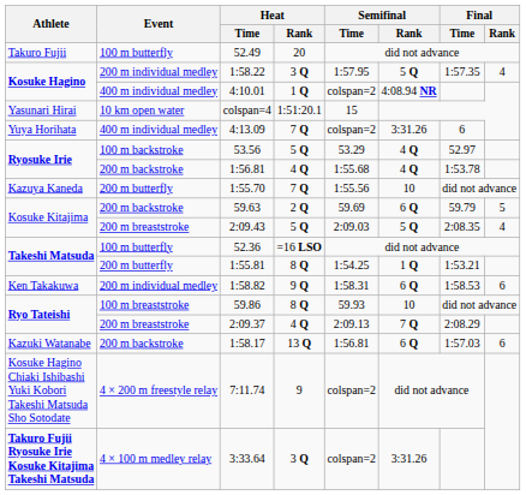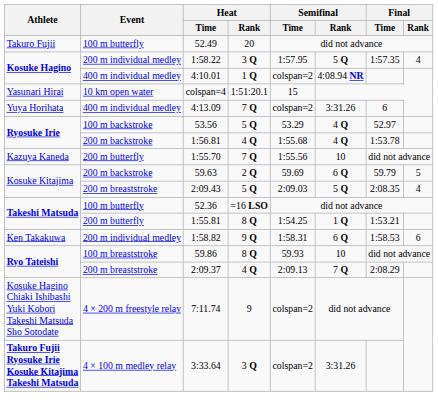 <table class=wikitable style="font-size:90%">
 <tr>
 <th rowspan="2">Athlete</th>
 <th rowspan="2">Event</th>
 <th colspan="2">Heat</th>
 <th colspan="2">Semifinal</th>
 <th colspan="2">Final</th>
 </tr>
 <tr style="font-size:95%">
 <th>Time</th>
 <th>Rank</th>
 <th>Time</th>
 <th>Rank</th>
 <th>Time</th>
 <th>Rank</th>
 </tr>
 <tr align=center>
 <td align=left><a href='#'>Takuro Fujii</a></td>
 <td align=left><a href='#'>100 m butterfly</a></td>
 <td>52.49</td>
 <td>20</td>
 <td colspan=4>did not advance</td>
 </tr>
 <tr align=center>
 <td align=left rowspan=2><strong><a href='#'>Kosuke Hagino</a></strong></td>
 <td align=left><a href='#'>200 m individual medley</a></td>
 <td>1:58.22</td>
 <td>3 <strong>Q</strong></td>
 <td>1:57.95</td>
 <td>5 <strong>Q</strong></td>
 <td>1:57.35</td>
 <td>4</td>
 </tr>
 <tr align=center>
 <td align=left><a href='#'>400 m individual medley</a></td>
 <td>4:10.01</td>
 <td>1 <strong>Q</strong></td>
 <td>colspan=2 </td>
 <td>4:08.94 <strong><a href='#'>NR</a></strong></td>
 <td></td>
 </tr>
 <tr align=center>
 <td align=left><a href='#'>Yasunari Hirai</a></td>
 <td align=left><a href='#'>10 km open water</a></td>
 <td>colspan=4 </td>
 <td>1:51:20.1</td>
 <td>15</td>
 </tr>
 <tr align=center>
 <td align=left><a href='#'>Yuya Horihata</a></td>
 <td align=left><a href='#'>400 m individual medley</a></td>
 <td>4:13.09</td>
 <td>7 <strong>Q</strong></td>
 <td>colspan=2 </td>
 <td>3:31.26</td>
 <td>6</td>
 </tr>
 <tr align=center>
 <td align=left rowspan=2><strong><a href='#'>Ryosuke Irie</a></strong></td>
 <td align=left><a href='#'>100 m backstroke</a></td>
 <td>53.56</td>
 <td>5 <strong>Q</strong></td>
 <td>53.29</td>
 <td>4 <strong>Q</strong></td>
 <td>52.97</td>
 <td></td>
 </tr>
 <tr align=center>
 <td align=left><a href='#'>200 m backstroke</a></td>
 <td>1:56.81</td>
 <td>4 <strong>Q</strong></td>
 <td>1:55.68</td>
 <td>4 <strong>Q</strong></td>
 <td>1:53.78</td>
 <td></td>
 </tr>
 <tr align=center>
 <td align=left><a href='#'>Kazuya Kaneda</a></td>
 <td align=left><a href='#'>200 m butterfly</a></td>
 <td>1:55.70</td>
 <td>7 <strong>Q</strong></td>
 <td>1:55.56</td>
 <td>10</td>
 <td colspan=2>did not advance</td>
 </tr>
 <tr align=center>
 <td align=left rowspan=2><a href='#'>Kosuke Kitajima</a></td>
 <td align=left><a href='#'>200 m backstroke</a></td>
 <td>59.63</td>
 <td>2 <strong>Q</strong></td>
 <td>59.69</td>
 <td>6 <strong>Q</strong></td>
 <td>59.79</td>
 <td>5</td>
 </tr>
 <tr align=center>
 <td align=left><a href='#'>200 m breaststroke</a></td>
 <td>2:09.43</td>
 <td>5 <strong>Q</strong></td>
 <td>2:09.03</td>
 <td>5 <strong>Q</strong></td>
 <td>2:08.35</td>
 <td>4</td>
 </tr>
 <tr align=center>
 <td align=left rowspan=2><strong><a href='#'>Takeshi Matsuda</a></strong></td>
 <td align=left><a href='#'>100 m butterfly</a></td>
 <td>52.36</td>
 <td>=16 <strong>LSO</strong></td>
 <td colspan=4>did not advance</td>
 </tr>
 <tr align=center>
 <td align=left><a href='#'>200 m butterfly</a></td>
 <td>1:55.81</td>
 <td>8 <strong>Q</strong></td>
 <td>1:54.25</td>
 <td>1 <strong>Q</strong></td>
 <td>1:53.21</td>
 <td></td>
 </tr>
 <tr align=center>
 <td align=left><a href='#'>Ken Takakuwa</a></td>
 <td align=left><a href='#'>200 m individual medley</a></td>
 <td>1:58.82</td>
 <td>9 <strong>Q</strong></td>
 <td>1:58.31</td>
 <td>6 <strong>Q</strong></td>
 <td>1:58.53</td>
 <td>6</td>
 </tr>
 <tr align=center>
 <td align=left rowspan=2><strong><a href='#'>Ryo Tateishi</a></strong></td>
 <td align=left><a href='#'>100 m breaststroke</a></td>
 <td>59.86</td>
 <td>8 <strong>Q</strong></td>
 <td>59.93</td>
 <td>10</td>
 <td colspan=2>did not advance</td>
 </tr>
 <tr align=center>
 <td align=left><a href='#'>200 m breaststroke</a></td>
 <td>2:09.37</td>
 <td>4 <strong>Q</strong></td>
 <td>2:09.13</td>
 <td>7 <strong>Q</strong></td>
 <td>2:08.29</td>
 <td></td>
 </tr>
 <tr align=center>
-<td align=left><a href='#'>Kazuki Watanabe</a></td>
-<td align=left><a href='#'>200 m backstroke</a></td>
-<td>1:58.17</td>
-<td>13 <strong>Q</strong></td>
-<td>1:56.81</td>
-<td>6 <strong>Q</strong></td>
-<td>1:57.03</td>
-<td>6</td>
-</tr>
-<tr align=center>
 <td align=left><a href='#'>Kosuke Hagino</a><br><a href='#'>Chiaki Ishibashi</a><br><a href='#'>Yuki Kobori</a><br><a href='#'>Takeshi Matsuda</a><br><a href='#'>Sho Sotodate</a></td>
 <td align=left><a href='#'>4 × 200 m freestyle relay</a></td>
 <td>7:11.74</td>
 <td>9</td>
 <td>colspan=2 </td>
 <td colspan=2>did not advance</td>
 </tr>
 <tr align=center>
 <td align=left><strong><a href='#'>Takuro Fujii</a><br><a href='#'>Ryosuke Irie</a><br><a href='#'>Kosuke Kitajima</a><br><a href='#'>Takeshi Matsuda</a><br></strong></td>
 <td align=left><a href='#'>4 × 100 m medley relay</a></td>
 <td>3:33.64</td>
 <td>3 <strong>Q</strong></td>
 <td>colspan=2 </td>
 <td>3:31.26</td>
 <td></td>
 </tr>
 </table>
